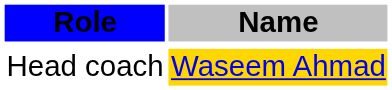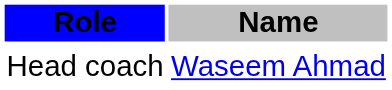 <table class="toccolours">
 <tr>
 <th style="background:Blue;">Role</th>
 <th style="background:silver;">Name</th>
 </tr>
 <tr>
 </tr>
 <tr>
 <td>Head coach</td>
-<td style="background: gold;"><a href='#'>Waseem Ahmad</a></td>
+<td><a href='#'>Waseem Ahmad</a></td>
 </tr>
 </table>
